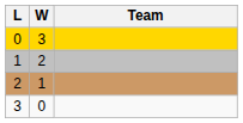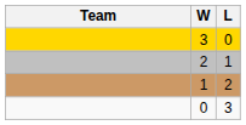 <table class="wikitable" style="text-align:center;">
 <tr>
+<th width=200px>Team</th>
+<th width=20px>W</th>
 <th width=20px>L</th>
-<th width=20px>W</th>
-<th width=200px>Team</th>
 </tr>
 <tr bgcolor="gold">
+<td align=left></td>
+<td>3</td>
+<td>0</td>
+</tr>
+<tr bgcolor="silver">
+<td align=left></td>
+<td>2</td>
+<td>1</td>
+</tr>
+<tr bgcolor="CC9966">
+<td align=left></td>
+<td>1</td>
+<td>2</td>
+</tr>
+<tr>
+<td align=left></td>
 <td>0</td>
 <td>3</td>
-<td align=left></td>
-</tr>
-<tr bgcolor="silver">
-<td>1</td>
-<td>2</td>
-<td align=left></td>
-</tr>
-<tr bgcolor="CC9966">
-<td>2</td>
-<td>1</td>
-<td align=left></td>
-</tr>
-<tr>
-<td>3</td>
-<td>0</td>
-<td align=left></td>
 </tr>
 </table>
